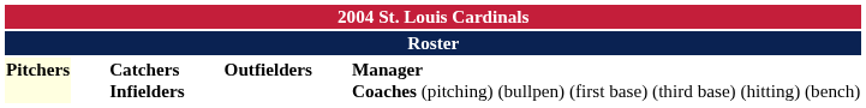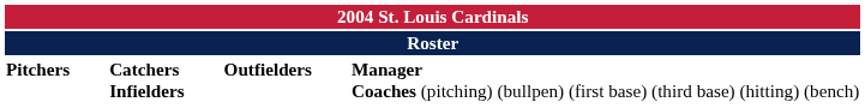 <table class="toccolours" style="font-size: 95%;">
 <tr>
 <th colspan="10" style="background-color: #c41e3a; color: #FFFFFF; text-align: center;">2004 St. Louis Cardinals</th>
 </tr>
 <tr>
 <td colspan="10" style="background-color: #0a2252; color: #FFFFFF; text-align: center;"><strong>Roster</strong></td>
 </tr>
 <tr>
-<td valign="top" style="background: lightyellow;"><strong>Pitchers</strong><br>                  </td>
+<td valign="top"><strong>Pitchers</strong><br>                  </td>
 <td width="25px"></td>
 <td valign="top"><strong>Catchers</strong><br>   <strong>Infielders</strong>       </td>
 <td width="25px"></td>
 <td valign="top"><strong>Outfielders</strong><br>       </td>
 <td width="25px"></td>
 <td valign="top"><strong>Manager</strong><br> <strong>Coaches</strong>  (pitching)  (bullpen)  (first base)  (third base)  (hitting)  (bench)</td>
 </tr>
 </table>
